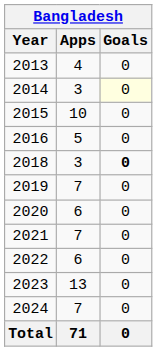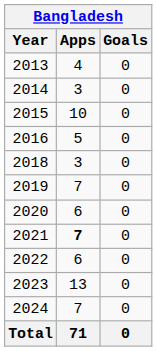 <table class="wikitable" style="text-align:center">
 <tr>
 <th colspan=12><a href='#'>Bangladesh</a></th>
 </tr>
 <tr>
 <th>Year</th>
 <th>Apps</th>
 <th>Goals</th>
 </tr>
 <tr>
 <td>2013</td>
 <td>4</td>
 <td>0</td>
 </tr>
 <tr>
 <td>2014</td>
 <td>3</td>
-<td style="background: lightyellow;">0</td>
+<td>0</td>
 </tr>
 <tr>
 <td>2015</td>
 <td>10</td>
 <td>0</td>
 </tr>
 <tr>
 <td>2016</td>
 <td>5</td>
 <td>0</td>
 </tr>
 <tr>
 <td>2018</td>
 <td>3</td>
-<td><strong>0</strong></td>
+<td>0</td>
 </tr>
 <tr>
 <td>2019</td>
 <td>7</td>
 <td>0</td>
 </tr>
 <tr>
 <td>2020</td>
 <td>6</td>
 <td>0</td>
 </tr>
 <tr>
 <td>2021</td>
-<td>7</td>
+<td><strong>7</strong></td>
 <td>0</td>
 </tr>
 <tr>
 <td>2022</td>
 <td>6</td>
 <td>0</td>
 </tr>
 <tr>
 <td>2023</td>
 <td>13</td>
 <td>0</td>
 </tr>
 <tr>
 <td>2024</td>
 <td>7</td>
 <td>0</td>
 </tr>
 <tr>
 <th>Total</th>
 <th>71</th>
 <th>0</th>
 </tr>
 </table>
